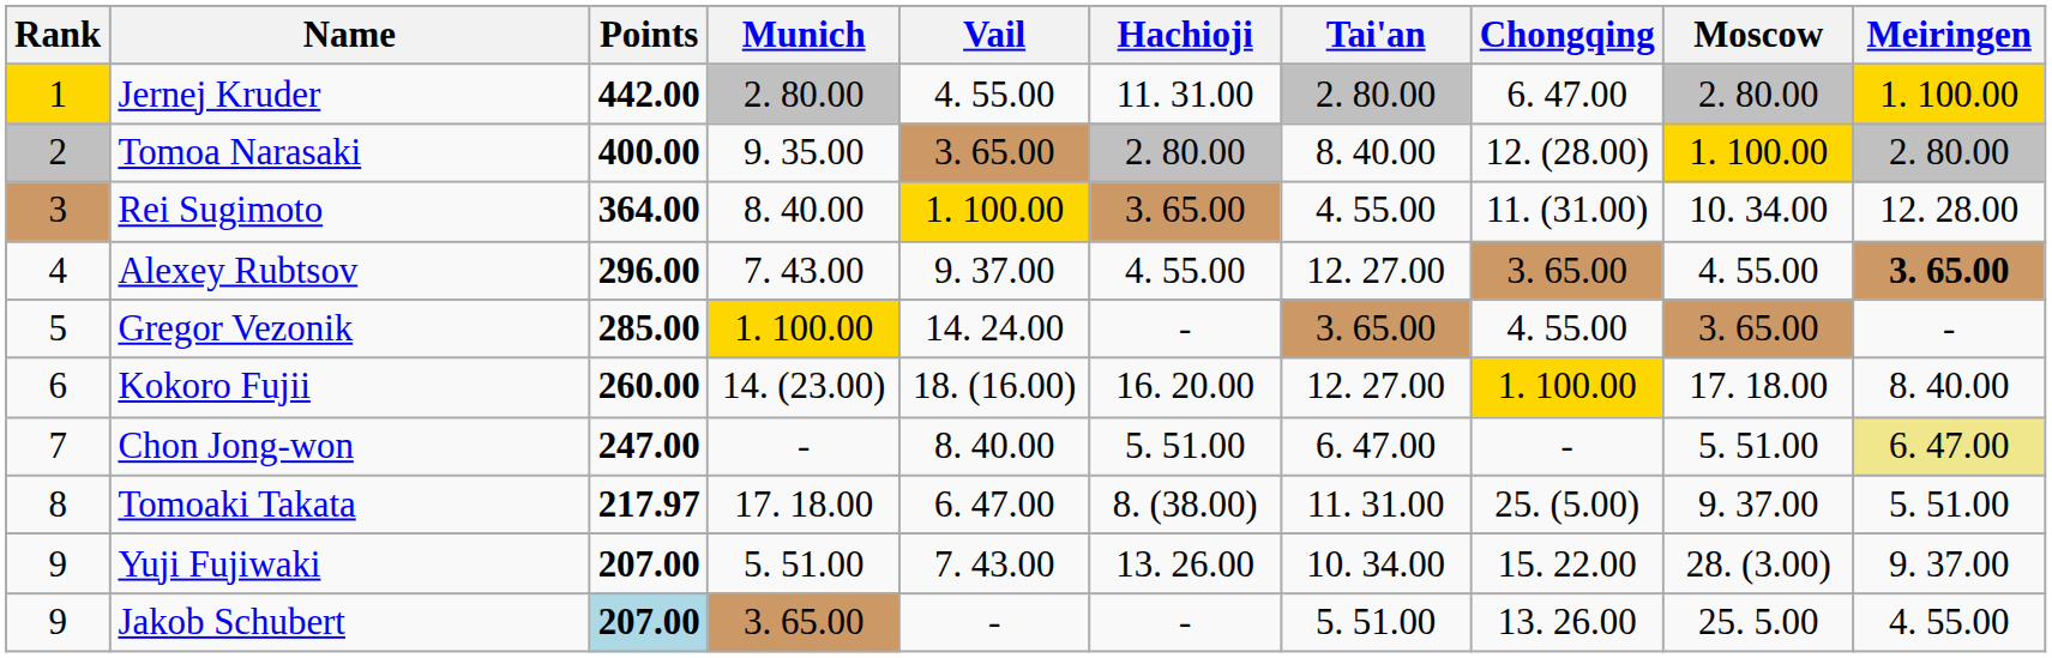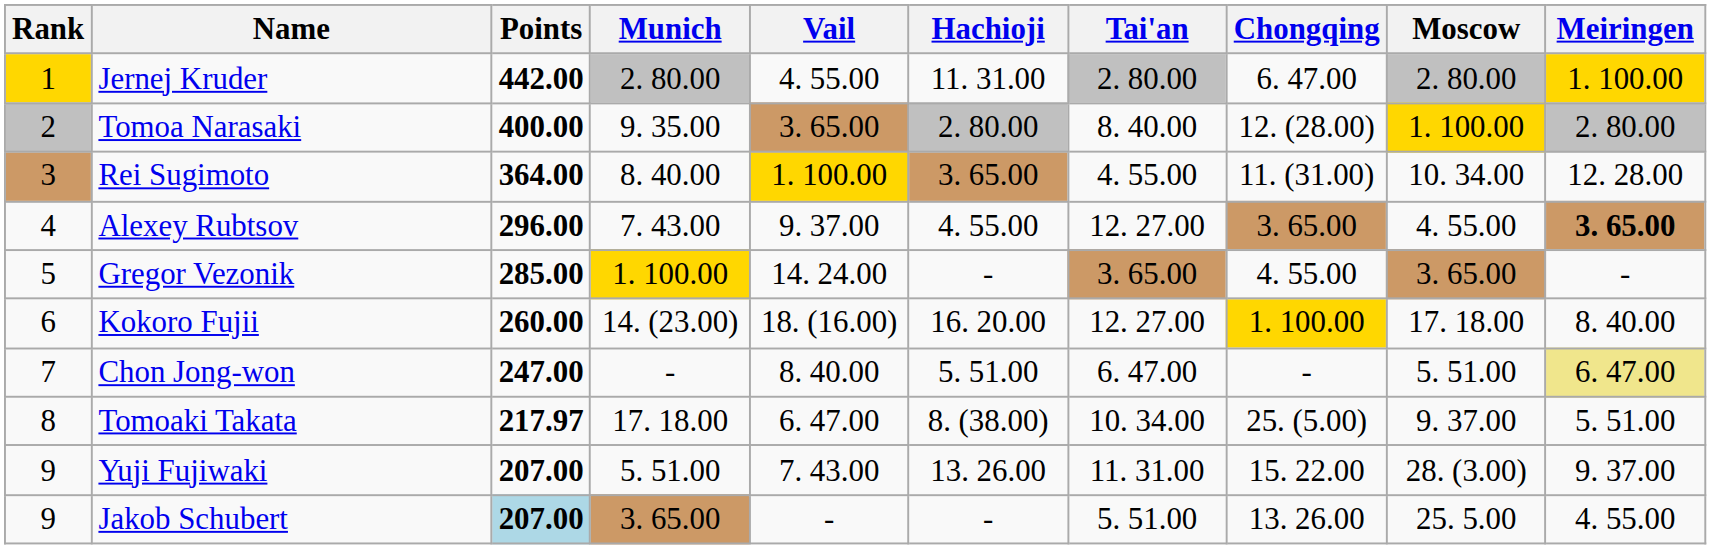 <table class="wikitable sortable">
 <tr>
 <th>Rank</th>
 <th width = "200">Name</th>
 <th>Points</th>
 <th width = "75" data-sort-type="number"><a href='#'>Munich</a></th>
 <th width = "75" data-sort-type="number"><a href='#'>Vail</a></th>
 <th width = "75" data-sort-type="number"><a href='#'>Hachioji</a></th>
 <th width = "75" data-sort-type="number"><a href='#'>Tai'an</a></th>
 <th width = "75" data-sort-type="number"><a href='#'>Chongqing</a></th>
 <th width = "75" data-sort-type="number">Moscow</th>
 <th width = "75" data-sort-type="number"><a href='#'>Meiringen</a></th>
 </tr>
 <tr>
 <td align="center" style="background: gold">1</td>
 <td> <a href='#'>Jernej Kruder</a></td>
 <td align="center"><strong>442.00</strong></td>
 <td align="center" style="background: silver">2. 80.00</td>
 <td align="center">4. 55.00</td>
 <td align="center">11. 31.00</td>
 <td align="center" style="background: silver">2. 80.00</td>
 <td align="center">6. 47.00</td>
 <td align="center" style="background: silver">2. 80.00</td>
 <td align="center" style="background: gold">1. 100.00</td>
 </tr>
 <tr>
 <td align="center" style="background: silver">2</td>
 <td> <a href='#'>Tomoa Narasaki</a></td>
 <td align="center"><strong>400.00</strong></td>
 <td align="center">9. 35.00</td>
 <td align="center" style="background: #cc9966">3. 65.00</td>
 <td align="center" style="background: silver">2. 80.00</td>
 <td align="center">8. 40.00</td>
 <td align="center">12. (28.00)</td>
 <td align="center" style="background: gold">1. 100.00</td>
 <td align="center" style="background: silver">2. 80.00</td>
 </tr>
 <tr>
 <td align="center" style="background: #cc9966">3</td>
 <td> <a href='#'>Rei Sugimoto</a></td>
 <td align="center"><strong>364.00</strong></td>
 <td align="center">8. 40.00</td>
 <td align="center" style="background: gold">1. 100.00</td>
 <td align="center" style="background: #cc9966">3. 65.00</td>
 <td align="center">4. 55.00</td>
 <td align="center">11. (31.00)</td>
 <td align="center">10. 34.00</td>
 <td align="center">12. 28.00</td>
 </tr>
 <tr>
 <td align="center">4</td>
 <td> <a href='#'>Alexey Rubtsov</a></td>
 <td align="center"><strong>296.00</strong></td>
 <td align="center">7. 43.00</td>
 <td align="center">9. 37.00</td>
 <td align="center">4. 55.00</td>
 <td align="center">12. 27.00</td>
 <td align="center" style="background: #cc9966">3. 65.00</td>
 <td align="center">4. 55.00</td>
 <td align="center" style="background: #cc9966"><strong>3. 65.00</strong></td>
 </tr>
 <tr>
 <td align="center">5</td>
 <td> <a href='#'>Gregor Vezonik</a></td>
 <td align="center"><strong>285.00</strong></td>
 <td align="center" style="background: gold">1. 100.00</td>
 <td align="center">14. 24.00</td>
 <td align="center">-</td>
 <td align="center" style="background: #cc9966">3. 65.00</td>
 <td align="center">4. 55.00</td>
 <td align="center" style="background: #cc9966">3. 65.00</td>
 <td align="center">-</td>
 </tr>
 <tr>
 <td align="center">6</td>
 <td> <a href='#'>Kokoro Fujii</a></td>
 <td align="center"><strong>260.00</strong></td>
 <td align="center">14. (23.00)</td>
 <td align="center">18. (16.00)</td>
 <td align="center">16. 20.00</td>
 <td align="center">12. 27.00</td>
 <td align="center" style="background: gold">1. 100.00</td>
 <td align="center">17. 18.00</td>
 <td align="center">8. 40.00</td>
 </tr>
 <tr>
 <td align="center">7</td>
 <td> <a href='#'>Chon Jong-won</a></td>
 <td align="center"><strong>247.00</strong></td>
 <td align="center">-</td>
 <td align="center">8. 40.00</td>
 <td align="center">5. 51.00</td>
 <td align="center">6. 47.00</td>
 <td align="center">-</td>
 <td align="center">5. 51.00</td>
 <td align="center" style="background: khaki;">6. 47.00</td>
 </tr>
 <tr>
 <td align="center">8</td>
 <td> <a href='#'>Tomoaki Takata</a></td>
 <td align="center"><strong>217.97</strong></td>
 <td align="center">17. 18.00</td>
 <td align="center">6. 47.00</td>
 <td align="center">8. (38.00)</td>
-<td align="center">11. 31.00</td>
+<td align="center">10. 34.00</td>
 <td align="center">25. (5.00)</td>
 <td align="center">9. 37.00</td>
 <td align="center">5. 51.00</td>
 </tr>
 <tr>
 <td align="center">9</td>
 <td> <a href='#'>Yuji Fujiwaki</a></td>
 <td align="center"><strong>207.00</strong></td>
 <td align="center">5. 51.00</td>
 <td align="center">7. 43.00</td>
 <td align="center">13. 26.00</td>
-<td align="center">10. 34.00</td>
+<td align="center">11. 31.00</td>
 <td align="center">15. 22.00</td>
 <td align="center">28. (3.00)</td>
 <td align="center">9. 37.00</td>
 </tr>
 <tr>
 <td align="center">9</td>
 <td> <a href='#'>Jakob Schubert</a></td>
 <td align="center" style="background: lightblue;"><strong>207.00</strong></td>
 <td align="center" style="background: #cc9966">3. 65.00</td>
 <td align="center">-</td>
 <td align="center">-</td>
 <td align="center">5. 51.00</td>
 <td align="center">13. 26.00</td>
 <td align="center">25. 5.00</td>
 <td align="center">4. 55.00</td>
 </tr>
 </table>
